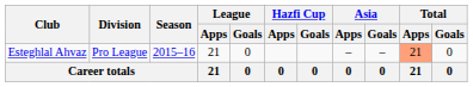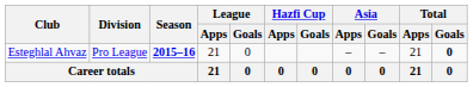 <table class="wikitable" style="text-align: center;">
 <tr>
 <th rowspan="2">Club</th>
 <th rowspan="2">Division</th>
 <th rowspan="2">Season</th>
 <th colspan="2">League</th>
 <th colspan="2"><a href='#'>Hazfi Cup</a></th>
 <th colspan="2"><a href='#'>Asia</a></th>
 <th colspan="2">Total</th>
 </tr>
 <tr>
 <th>Apps</th>
 <th>Goals</th>
 <th>Apps</th>
 <th>Goals</th>
 <th>Apps</th>
 <th>Goals</th>
 <th>Apps</th>
 <th>Goals</th>
 </tr>
 <tr>
 <td><a href='#'>Esteghlal Ahvaz</a></td>
 <td><a href='#'>Pro League</a></td>
-<td><a href='#'>2015–16</a></td>
+<td><strong><a href='#'>2015–16</a></strong></td>
 <td>21</td>
 <td>0</td>
 <td></td>
 <td></td>
 <td>–</td>
 <td>–</td>
-<td style="background: lightsalmon;">21</td>
-<td>0</td>
+<td>21</td>
+<td><strong>0</strong></td>
 </tr>
 <tr>
 <th colspan=3>Career totals</th>
 <th>21</th>
 <th>0</th>
 <th>0</th>
 <th>0</th>
 <th>0</th>
 <th>0</th>
 <th>21</th>
 <th>0</th>
 </tr>
 </table>
